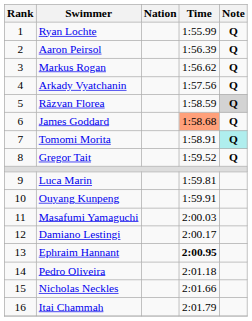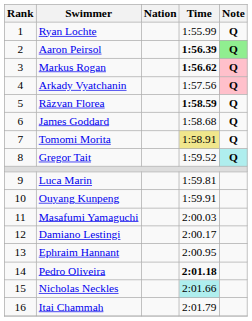 <table class="wikitable" style="text-align:center">
 <tr>
 <th>Rank</th>
 <th>Swimmer</th>
 <th>Nation</th>
 <th>Time</th>
 <th>Note</th>
 </tr>
 <tr>
 <td>1</td>
 <td align=left><a href='#'>Ryan Lochte</a></td>
 <td align=left></td>
 <td>1:55.99</td>
 <td><strong>Q</strong></td>
 </tr>
 <tr>
 <td>2</td>
 <td align=left><a href='#'>Aaron Peirsol</a></td>
 <td align=left></td>
-<td>1:56.39</td>
-<td><strong>Q</strong></td>
+<td><strong>1:56.39</strong></td>
+<td style="background: lightgreen;"><strong>Q</strong></td>
 </tr>
 <tr>
 <td>3</td>
 <td align=left><a href='#'>Markus Rogan</a></td>
 <td align=left></td>
-<td>1:56.62</td>
-<td><strong>Q</strong></td>
+<td><strong>1:56.62</strong></td>
+<td style="background: pink;"><strong>Q</strong></td>
 </tr>
 <tr>
 <td>4</td>
 <td align=left><a href='#'>Arkady Vyatchanin</a></td>
 <td align=left></td>
 <td>1:57.56</td>
-<td><strong>Q</strong></td>
+<td style="background: pink;"><strong>Q</strong></td>
 </tr>
 <tr>
 <td>5</td>
 <td align=left><a href='#'>Răzvan Florea</a></td>
 <td align=left></td>
-<td>1:58.59</td>
-<td style="background: lightgrey;"><strong>Q</strong></td>
+<td><strong>1:58.59</strong></td>
+<td><strong>Q</strong></td>
 </tr>
 <tr>
 <td>6</td>
 <td align=left><a href='#'>James Goddard</a></td>
 <td align=left></td>
-<td style="background: lightsalmon;">1:58.68</td>
+<td>1:58.68</td>
 <td><strong>Q</strong></td>
 </tr>
 <tr>
 <td>7</td>
 <td align=left><a href='#'>Tomomi Morita</a></td>
 <td align=left></td>
-<td>1:58.91</td>
-<td style="background: paleturquoise;"><strong>Q</strong></td>
+<td style="background: khaki;">1:58.91</td>
+<td><strong>Q</strong></td>
 </tr>
 <tr>
 <td>8</td>
 <td align=left><a href='#'>Gregor Tait</a></td>
 <td align=left></td>
 <td>1:59.52</td>
-<td><strong>Q</strong></td>
+<td style="background: paleturquoise;"><strong>Q</strong></td>
 </tr>
 <tr bgcolor=#DDDDDD>
 <td colspan=5></td>
 </tr>
 <tr>
 <td>9</td>
 <td align=left><a href='#'>Luca Marin</a></td>
 <td align=left></td>
 <td>1:59.81</td>
 <td></td>
 </tr>
 <tr>
 <td>10</td>
 <td align=left><a href='#'>Ouyang Kunpeng</a></td>
 <td align=left></td>
 <td>1:59.91</td>
 <td></td>
 </tr>
 <tr>
 <td>11</td>
 <td align=left><a href='#'>Masafumi Yamaguchi</a></td>
 <td align=left></td>
 <td>2:00.03</td>
 <td></td>
 </tr>
 <tr>
 <td>12</td>
 <td align=left><a href='#'>Damiano Lestingi</a></td>
 <td align=left></td>
 <td>2:00.17</td>
 <td></td>
 </tr>
 <tr>
 <td>13</td>
 <td align=left><a href='#'>Ephraim Hannant</a></td>
 <td align=left></td>
-<td><strong>2:00.95</strong></td>
+<td>2:00.95</td>
 <td></td>
 </tr>
 <tr>
 <td>14</td>
 <td align=left><a href='#'>Pedro Oliveira</a></td>
 <td align=left></td>
-<td>2:01.18</td>
+<td><strong>2:01.18</strong></td>
 <td></td>
 </tr>
 <tr>
 <td>15</td>
 <td align=left><a href='#'>Nicholas Neckles</a></td>
 <td align=left></td>
-<td>2:01.66</td>
+<td style="background: paleturquoise;">2:01.66</td>
 <td></td>
 </tr>
 <tr>
 <td>16</td>
 <td align=left><a href='#'>Itai Chammah</a></td>
 <td align=left></td>
 <td>2:01.79</td>
 <td></td>
 </tr>
 <tr>
 </tr>
 </table>
